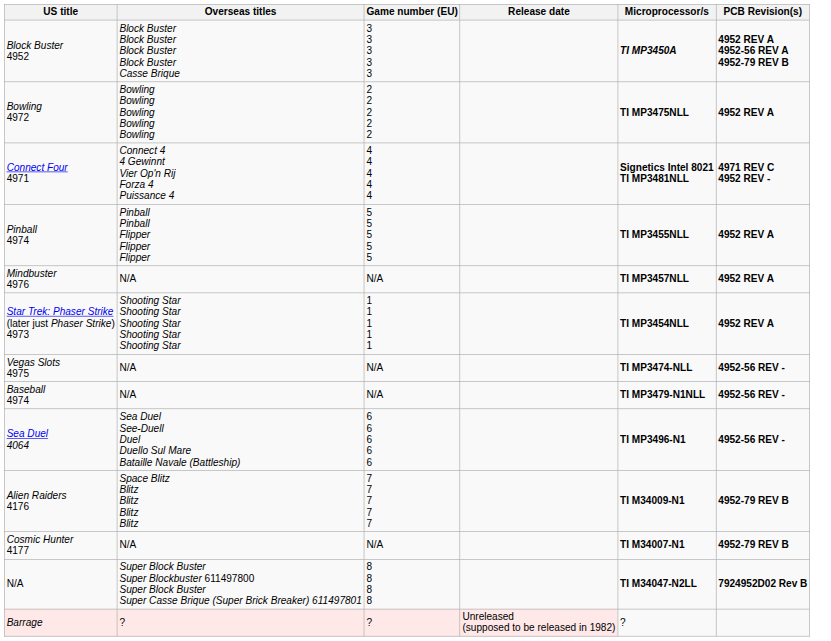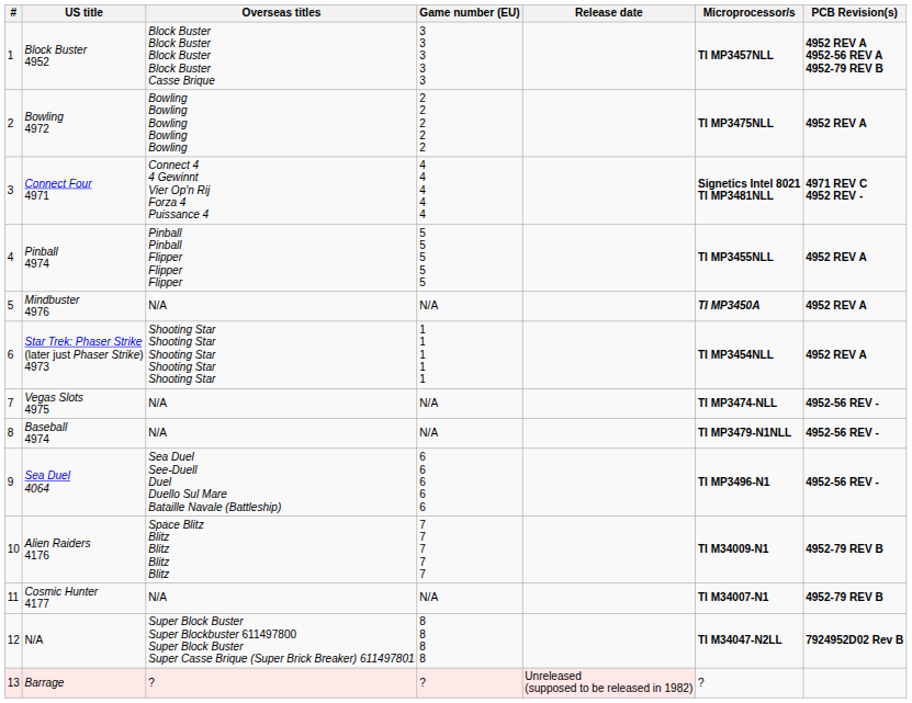 <table class="wikitable sortable" border="1" id="microvisiongames">
 <tr>
+<th scope="col">#</th>
 <th scope="col">US title</th>
 <th scope="col">Overseas titles</th>
 <th scope="col">Game number (EU)</th>
 <th scope="col">Release date</th>
 <th scope="col">Microprocessor/s</th>
 <th>PCB Revision(s)</th>
 </tr>
 <tr>
+<td>1</td>
 <td> <em>Block Buster</em><br>4952</td>
 <td> <em>Block Buster</em><br> <em>Block Buster</em><br> <em>Block Buster</em><br> <em>Block Buster</em><br> <em>Casse Brique</em></td>
 <td> 3<br> 3<br> 3<br> 3<br> 3</td>
 <td></td>
-<td><strong><em>TI MP3450A</em></strong></td>
+<td><strong>TI MP3457NLL</strong></td>
 <td><strong>4952 REV A</strong><br><strong>4952-56 REV A</strong><br><strong>4952-79 REV B</strong></td>
 </tr>
 <tr>
+<td>2</td>
 <td> <em>Bowling</em><br>4972</td>
 <td> <em>Bowling</em><br> <em>Bowling</em><br> <em>Bowling</em><br> <em>Bowling</em><br> <em>Bowling</em></td>
 <td> 2<br> 2<br> 2<br> 2<br> 2</td>
 <td></td>
 <td><strong>TI MP3475NLL</strong></td>
 <td><strong>4952 REV A</strong></td>
 </tr>
 <tr>
+<td>3</td>
 <td> <em><a href='#'>Connect Four</a></em><br>4971</td>
 <td> <em>Connect 4</em><br> <em>4 Gewinnt</em><br> <em>Vier Op'n Rij</em><br> <em>Forza 4</em><br> <em>Puissance 4</em></td>
 <td> 4<br> 4<br> 4<br> 4<br> 4</td>
 <td></td>
 <td><strong>Signetics Intel 8021</strong><br><strong>TI MP3481NLL</strong></td>
 <td><strong>4971 REV C</strong><br><strong>4952 REV -</strong></td>
 </tr>
 <tr>
+<td>4</td>
 <td> <em>Pinball</em><br>4974</td>
 <td> <em>Pinball</em><br> <em>Pinball</em><br> <em>Flipper</em><br> <em>Flipper</em><br> <em>Flipper</em></td>
 <td> 5<br> 5<br> 5<br> 5<br> 5</td>
 <td></td>
 <td><strong>TI MP3455NLL</strong></td>
 <td><strong>4952 REV A</strong></td>
 </tr>
 <tr>
+<td>5</td>
 <td> <em>Mindbuster</em><br>4976</td>
 <td>N/A</td>
 <td>N/A</td>
 <td></td>
-<td><strong>TI MP3457NLL</strong></td>
+<td><strong><em>TI MP3450A</em></strong></td>
 <td><strong>4952 REV A</strong></td>
 </tr>
 <tr>
+<td>6</td>
 <td> <em><a href='#'>Star Trek: Phaser Strike</a></em><br>(later just <em>Phaser Strike</em>)<br>4973</td>
 <td> <em>Shooting Star</em><br> <em>Shooting Star</em><br> <em>Shooting Star</em><br> <em>Shooting Star</em><br> <em>Shooting Star</em></td>
 <td> 1<br> 1<br> 1<br> 1<br> 1</td>
 <td></td>
 <td><strong>TI MP3454NLL</strong></td>
 <td><strong>4952 REV A</strong></td>
 </tr>
 <tr>
+<td>7</td>
 <td> <em>Vegas Slots</em><br>4975</td>
 <td>N/A</td>
 <td>N/A</td>
 <td></td>
 <td><strong>TI MP3474-NLL</strong></td>
 <td><strong>4952-56 REV -</strong></td>
 </tr>
 <tr>
+<td>8</td>
 <td> <em>Baseball</em><br>4974</td>
 <td>N/A</td>
 <td>N/A</td>
 <td></td>
 <td><strong>TI MP3479-N1NLL</strong></td>
 <td><strong>4952-56 REV -</strong></td>
 </tr>
 <tr>
+<td>9</td>
 <td> <em><a href='#'>Sea Duel</a></em><br><em>4064</em></td>
 <td> <em>Sea Duel</em><br> <em>See-Duell</em><br> <em>Duel</em><br> <em>Duello Sul Mare</em><br> <em>Bataille Navale (Battleship)</em></td>
 <td> 6<br> 6<br> 6<br> 6<br> 6</td>
 <td></td>
 <td><strong>TI MP3496-N1</strong></td>
 <td><strong>4952-56 REV -</strong></td>
 </tr>
 <tr>
+<td>10</td>
 <td> <em>Alien Raiders</em><br>4176</td>
 <td> <em>Space Blitz</em><br> <em>Blitz</em><br> <em>Blitz</em><br> <em>Blitz</em><br> <em>Blitz</em></td>
 <td> 7<br> 7<br> 7<br> 7<br> 7</td>
 <td></td>
 <td><strong>TI M34009-N1</strong></td>
 <td><strong>4952-79 REV B</strong></td>
 </tr>
 <tr>
+<td>11</td>
 <td> <em>Cosmic Hunter</em><br>4177</td>
 <td>N/A</td>
 <td>N/A</td>
 <td></td>
 <td><strong>TI M34007-N1</strong></td>
 <td><strong>4952-79 REV B</strong></td>
 </tr>
 <tr>
+<td>12</td>
 <td>N/A</td>
 <td> <em>Super Block Buster</em><br> <em>Super Blockbuster</em>  611497800<br> <em>Super Block Buster</em><br> <em>Super Casse Brique (Super Brick Breaker) 611497801</em></td>
 <td> 8<br> 8<br> 8<br> 8</td>
 <td></td>
 <td><strong>TI M34047-N2LL</strong></td>
 <td><strong>7924952D02 Rev B</strong></td>
 </tr>
 <tr>
+<td style="background:#FFE8E8;">13</td>
 <td style="background:#FFE8E8;"><em>Barrage</em></td>
 <td style="background:#FFE8E8; ">?</td>
 <td style="background:#FFE8E8;">?</td>
 <td style="background:#FFE8E8;">Unreleased<br>(supposed to be released in 1982)</td>
 <td>?</td>
 <td></td>
 </tr>
 </table>
